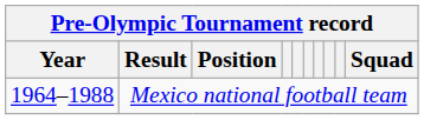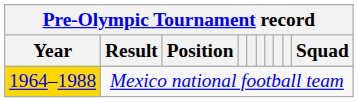 <table class="wikitable" style="text-align: center;">
 <tr>
 <th colspan=10><a href='#'>Pre-Olympic Tournament</a> record</th>
 </tr>
 <tr>
 <th>Year</th>
 <th>Result</th>
 <th>Position</th>
 <th></th>
 <th></th>
 <th></th>
 <th></th>
 <th></th>
 <th></th>
 <th>Squad</th>
 </tr>
 <tr>
-<td><a href='#'>1964</a>–<a href='#'>1988</a></td>
+<td style="background: gold;"><a href='#'>1964</a>–<a href='#'>1988</a></td>
 <td colspan="9"><em><a href='#'>Mexico national football team</a></em></td>
 </tr>
 </table>
